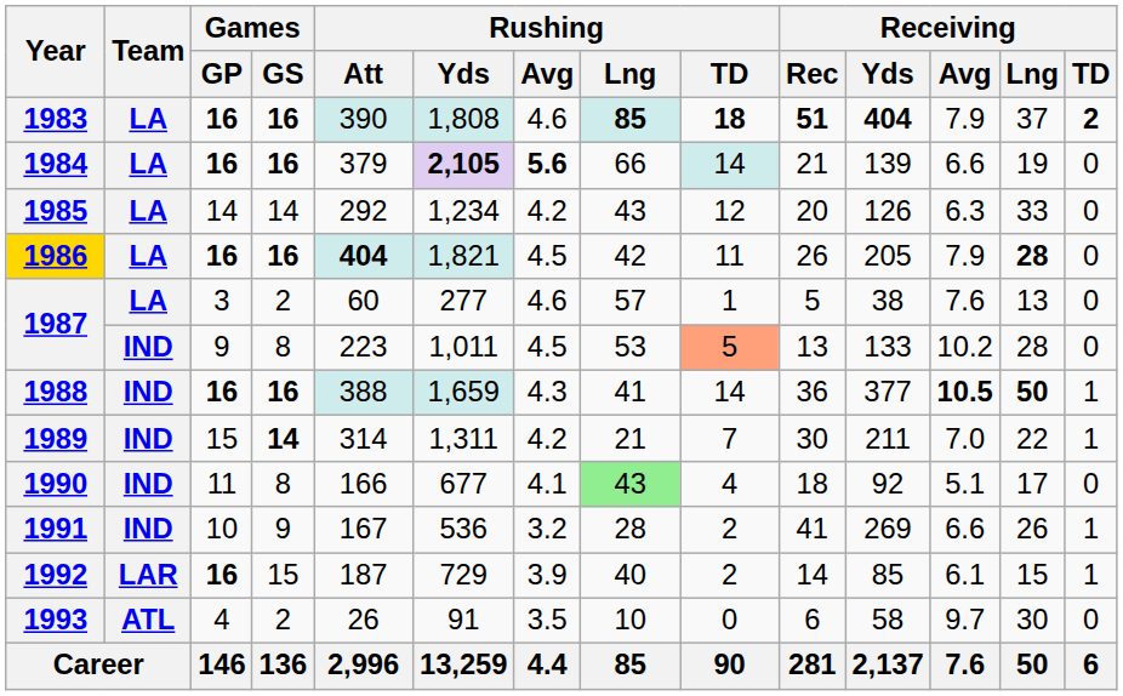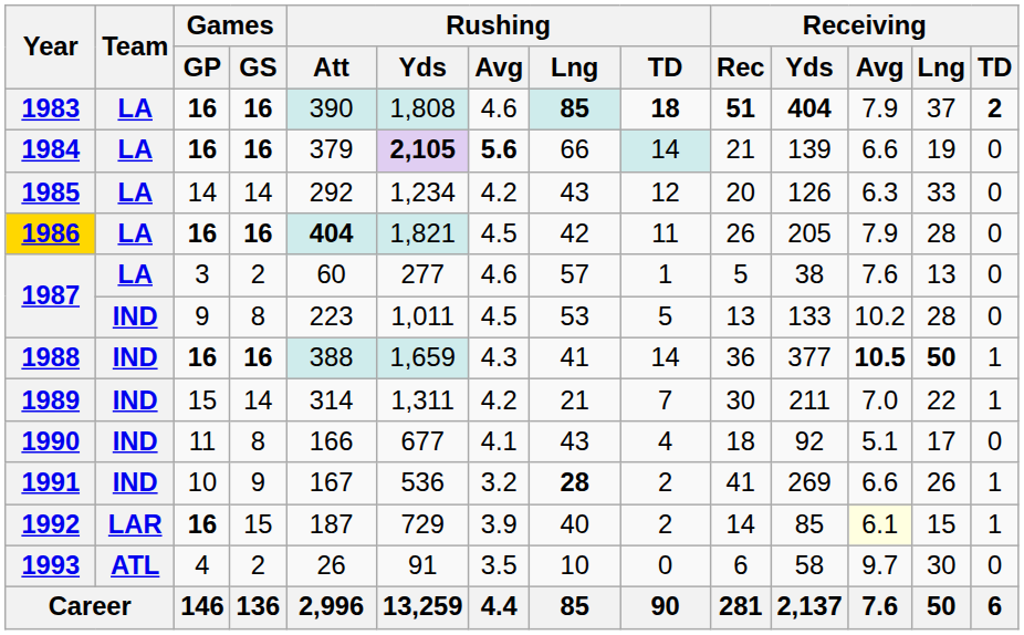 <table class=wikitable style="text-align:center;">
 <tr>
 <th rowspan="2">Year</th>
 <th rowspan="2">Team</th>
 <th colspan="2">Games</th>
 <th colspan="5">Rushing</th>
 <th colspan="5">Receiving</th>
 </tr>
 <tr>
 <th>GP</th>
 <th>GS</th>
 <th>Att</th>
 <th>Yds</th>
 <th>Avg</th>
 <th>Lng</th>
 <th>TD</th>
 <th>Rec</th>
 <th>Yds</th>
 <th>Avg</th>
 <th>Lng</th>
 <th>TD</th>
 </tr>
 <tr>
 <th><a href='#'>1983</a></th>
 <th><a href='#'>LA</a></th>
 <td><strong>16</strong></td>
 <td><strong>16</strong></td>
 <td style="background:#cfecec; width:3em;">390</td>
 <td style="background:#cfecec; width:3em;">1,808</td>
 <td>4.6</td>
 <td style="background:#cfecec; width:3em;"><strong>85</strong></td>
 <td><strong>18</strong></td>
 <td><strong>51</strong></td>
 <td><strong>404</strong></td>
 <td>7.9</td>
 <td>37</td>
 <td><strong>2</strong></td>
 </tr>
 <tr>
 <th><a href='#'>1984</a></th>
 <th><a href='#'>LA</a></th>
 <td><strong>16</strong></td>
 <td><strong>16</strong></td>
 <td>379</td>
 <td style="background:#e0cef2; width:3em;"><strong>2,105</strong></td>
 <td><strong>5.6</strong></td>
 <td>66</td>
 <td style="background:#cfecec; width:3em;">14</td>
 <td>21</td>
 <td>139</td>
 <td>6.6</td>
 <td>19</td>
 <td>0</td>
 </tr>
 <tr>
 <th><a href='#'>1985</a></th>
 <th><a href='#'>LA</a></th>
 <td>14</td>
 <td>14</td>
 <td>292</td>
 <td>1,234</td>
 <td>4.2</td>
 <td>43</td>
 <td>12</td>
 <td>20</td>
 <td>126</td>
 <td>6.3</td>
 <td>33</td>
 <td>0</td>
 </tr>
 <tr>
 <th style="background:#ffd700; width:3em;"><a href='#'>1986</a></th>
 <th><a href='#'>LA</a></th>
 <td><strong>16</strong></td>
 <td><strong>16</strong></td>
 <td style="background:#cfecec; width:3em;"><strong>404</strong></td>
 <td style="background:#cfecec; width:3em;">1,821</td>
 <td>4.5</td>
 <td>42</td>
 <td>11</td>
 <td>26</td>
 <td>205</td>
 <td>7.9</td>
-<td><strong>28</strong></td>
+<td>28</td>
 <td>0</td>
 </tr>
 <tr>
 <th rowspan="2"><a href='#'>1987</a></th>
 <th><a href='#'>LA</a></th>
 <td>3</td>
 <td>2</td>
 <td>60</td>
 <td>277</td>
 <td>4.6</td>
 <td>57</td>
 <td>1</td>
 <td>5</td>
 <td>38</td>
 <td>7.6</td>
 <td>13</td>
 <td>0</td>
 </tr>
 <tr>
 <th><a href='#'>IND</a></th>
 <td>9</td>
 <td>8</td>
 <td>223</td>
 <td>1,011</td>
 <td>4.5</td>
 <td>53</td>
-<td style="background: lightsalmon;">5</td>
+<td>5</td>
 <td>13</td>
 <td>133</td>
 <td>10.2</td>
 <td>28</td>
 <td>0</td>
 </tr>
 <tr>
 <th><a href='#'>1988</a></th>
 <th><a href='#'>IND</a></th>
 <td><strong>16</strong></td>
 <td><strong>16</strong></td>
 <td style="background:#cfecec; width:3em;">388</td>
 <td style="background:#cfecec; width:3em;">1,659</td>
 <td>4.3</td>
 <td>41</td>
 <td>14</td>
 <td>36</td>
 <td>377</td>
 <td><strong>10.5</strong></td>
 <td><strong>50</strong></td>
 <td>1</td>
 </tr>
 <tr>
 <th><a href='#'>1989</a></th>
 <th><a href='#'>IND</a></th>
 <td>15</td>
-<td><strong>14</strong></td>
+<td>14</td>
 <td>314</td>
 <td>1,311</td>
 <td>4.2</td>
 <td>21</td>
 <td>7</td>
 <td>30</td>
 <td>211</td>
 <td>7.0</td>
 <td>22</td>
 <td>1</td>
 </tr>
 <tr>
 <th><a href='#'>1990</a></th>
 <th><a href='#'>IND</a></th>
 <td>11</td>
 <td>8</td>
 <td>166</td>
 <td>677</td>
 <td>4.1</td>
-<td style="background: lightgreen;">43</td>
+<td>43</td>
 <td>4</td>
 <td>18</td>
 <td>92</td>
 <td>5.1</td>
 <td>17</td>
 <td>0</td>
 </tr>
 <tr>
 <th><a href='#'>1991</a></th>
 <th><a href='#'>IND</a></th>
 <td>10</td>
 <td>9</td>
 <td>167</td>
 <td>536</td>
 <td>3.2</td>
-<td>28</td>
+<td><strong>28</strong></td>
 <td>2</td>
 <td>41</td>
 <td>269</td>
 <td>6.6</td>
 <td>26</td>
 <td>1</td>
 </tr>
 <tr>
 <th><a href='#'>1992</a></th>
 <th><a href='#'>LAR</a></th>
 <td><strong>16</strong></td>
 <td>15</td>
 <td>187</td>
 <td>729</td>
 <td>3.9</td>
 <td>40</td>
 <td>2</td>
 <td>14</td>
 <td>85</td>
-<td>6.1</td>
+<td style="background: lightyellow;">6.1</td>
 <td>15</td>
 <td>1</td>
 </tr>
 <tr>
 <th><a href='#'>1993</a></th>
 <th><a href='#'>ATL</a></th>
 <td>4</td>
 <td>2</td>
 <td>26</td>
 <td>91</td>
 <td>3.5</td>
 <td>10</td>
 <td>0</td>
 <td>6</td>
 <td>58</td>
 <td>9.7</td>
 <td>30</td>
 <td>0</td>
 </tr>
 <tr>
 <th colspan="2">Career</th>
 <th>146</th>
 <th>136</th>
 <th>2,996</th>
 <th>13,259</th>
 <th>4.4</th>
 <th>85</th>
 <th>90</th>
 <th>281</th>
 <th>2,137</th>
 <th>7.6</th>
 <th>50</th>
 <th>6</th>
 </tr>
 </table>
